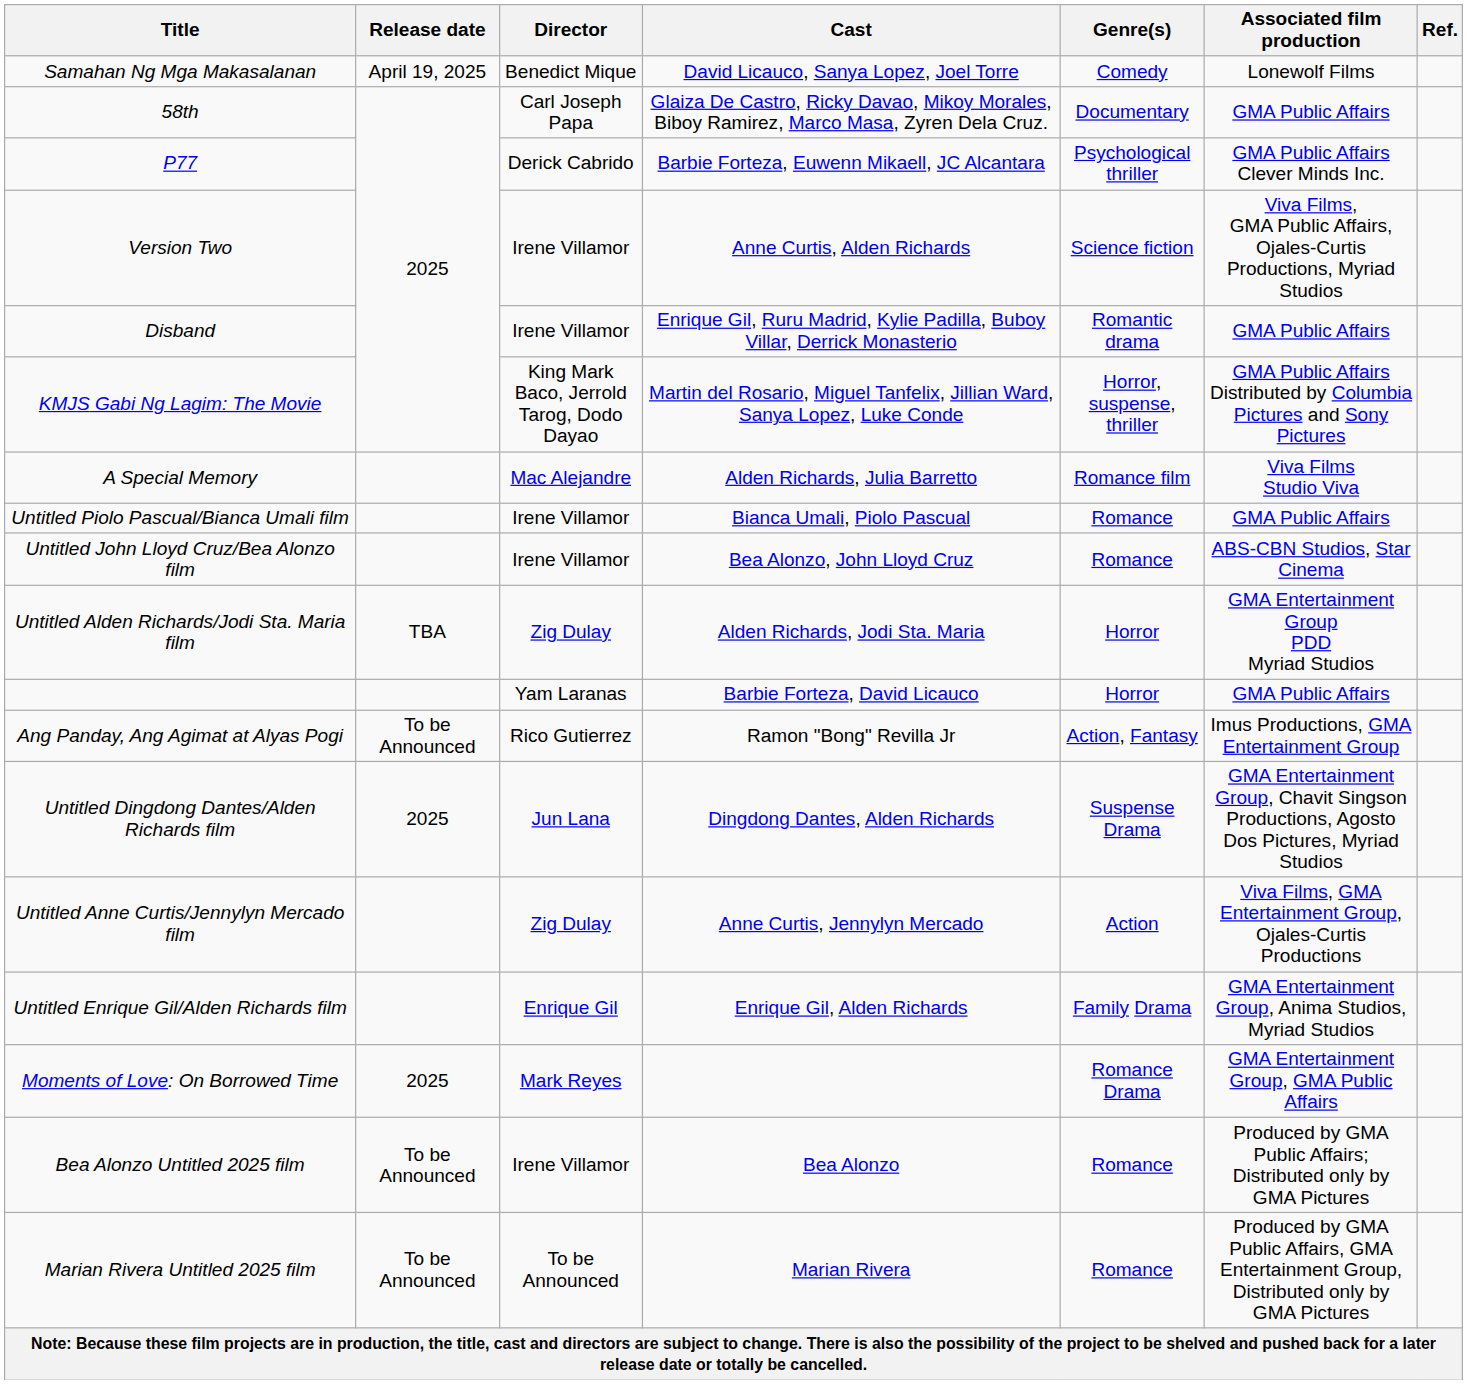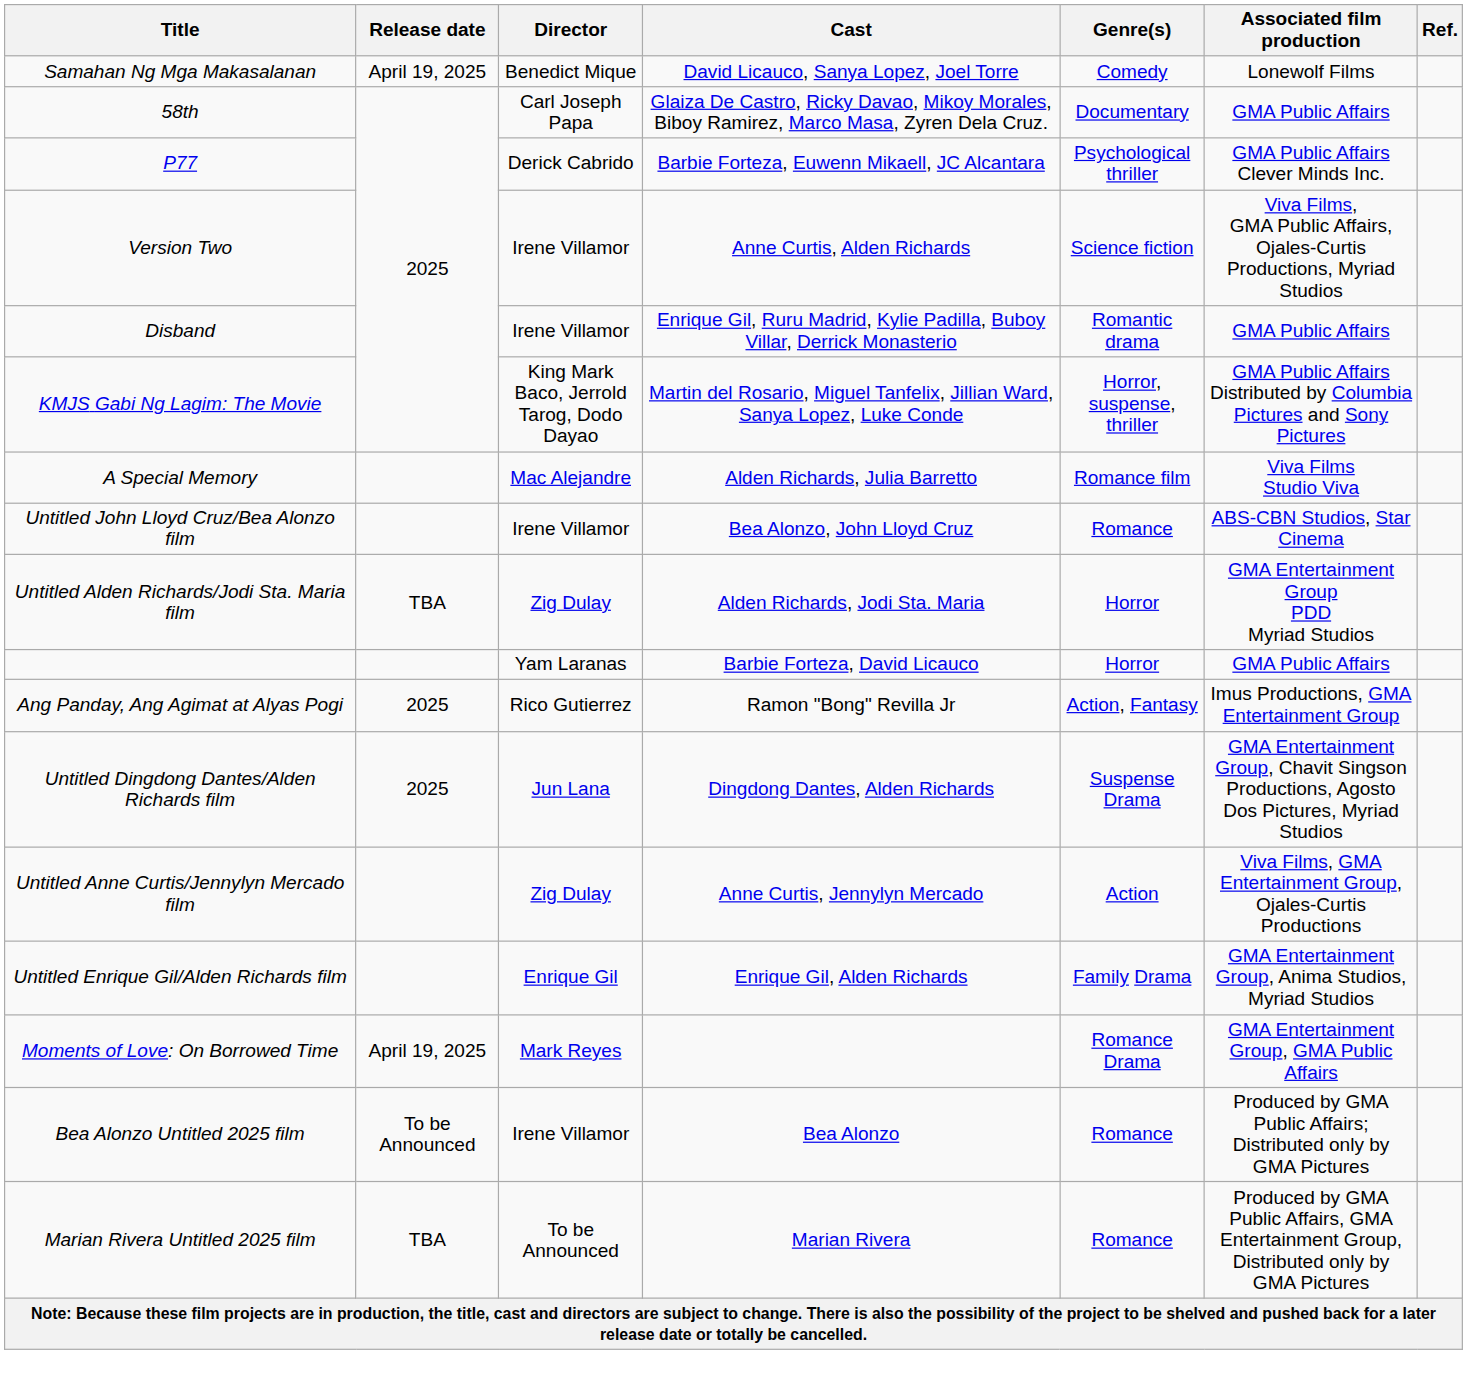 <table class="wikitable" "toccolours sortable" style="width:97%; text-align:center">
 <tr>
 <th style="width:25%;">Title</th>
 <th style="width:10%;">Release date</th>
 <th style="width:10%;">Director</th>
 <th style="width:30%;">Cast</th>
 <th style="width:10%;">Genre(s)</th>
 <th style="width:15%;">Associated film production</th>
 <th style="width:2%;">Ref.</th>
 </tr>
 <tr>
 <td><em>Samahan Ng Mga Makasalanan</em></td>
 <td>April 19, 2025</td>
 <td>Benedict Mique</td>
 <td><a href='#'>David Licauco</a>, <a href='#'>Sanya Lopez</a>, <a href='#'>Joel Torre</a></td>
 <td><a href='#'>Comedy</a></td>
 <td>Lonewolf Films</td>
 <td></td>
 </tr>
 <tr>
 <td><em>58th</em></td>
 <td rowspan="5">2025</td>
 <td>Carl Joseph Papa</td>
 <td><a href='#'>Glaiza De Castro</a>, <a href='#'>Ricky Davao</a>, <a href='#'>Mikoy Morales</a>, Biboy Ramirez, <a href='#'>Marco Masa</a>, Zyren Dela Cruz.</td>
 <td><a href='#'>Documentary</a></td>
 <td><a href='#'>GMA Public Affairs</a></td>
 <td></td>
 </tr>
 <tr>
 <td><em><a href='#'>P77</a></em></td>
 <td>Derick Cabrido</td>
 <td><a href='#'>Barbie Forteza</a>, <a href='#'>Euwenn Mikaell</a>, <a href='#'>JC Alcantara</a></td>
 <td><a href='#'>Psychological thriller</a></td>
 <td><a href='#'>GMA Public Affairs</a><br>Clever Minds Inc.</td>
 <td></td>
 </tr>
 <tr>
 <td><em>Version Two</em></td>
 <td>Irene Villamor</td>
 <td><a href='#'>Anne Curtis</a>, <a href='#'>Alden Richards</a></td>
 <td><a href='#'>Science fiction</a></td>
 <td><a href='#'>Viva Films</a>,<br>GMA Public Affairs, Ojales-Curtis Productions, Myriad Studios</td>
 <td></td>
 </tr>
 <tr>
 <td><em>Disband</em></td>
 <td>Irene Villamor</td>
 <td><a href='#'>Enrique Gil</a>, <a href='#'>Ruru Madrid</a>, <a href='#'>Kylie Padilla</a>, <a href='#'>Buboy Villar</a>, <a href='#'>Derrick Monasterio</a></td>
 <td><a href='#'>Romantic drama</a></td>
 <td><a href='#'>GMA Public Affairs</a></td>
 <td></td>
 </tr>
 <tr>
 <td><a href='#'><em>KMJS</em> <em>Gabi Ng Lagim: The Movie</em></a></td>
 <td>King Mark Baco, Jerrold Tarog, Dodo Dayao</td>
 <td><a href='#'>Martin del Rosario</a>, <a href='#'>Miguel Tanfelix</a>, <a href='#'>Jillian Ward</a>, <a href='#'>Sanya Lopez</a>, <a href='#'>Luke Conde</a></td>
 <td><a href='#'>Horror</a>, <a href='#'>suspense</a>, <a href='#'>thriller</a></td>
 <td><a href='#'>GMA Public Affairs</a><br>Distributed by <a href='#'>Columbia Pictures</a> and <a href='#'>Sony Pictures</a></td>
 <td></td>
 </tr>
 <tr>
 <td><em>A Special Memory</em></td>
 <td></td>
 <td><a href='#'>Mac Alejandre</a></td>
 <td><a href='#'>Alden Richards</a>, <a href='#'>Julia Barretto</a></td>
 <td><a href='#'>Romance film</a></td>
 <td><a href='#'>Viva Films</a><br><a href='#'>Studio Viva</a></td>
 <td></td>
 </tr>
 <tr>
-<td><em>Untitled Piolo Pascual/Bianca Umali film</em></td>
-<td></td>
-<td>Irene Villamor</td>
-<td><a href='#'>Bianca Umali</a>, <a href='#'>Piolo Pascual</a></td>
-<td><a href='#'>Romance</a></td>
-<td><a href='#'>GMA Public Affairs</a></td>
-<td></td>
-</tr>
-<tr>
 <td><em>Untitled John Lloyd Cruz/Bea Alonzo film</em></td>
 <td></td>
 <td>Irene Villamor</td>
 <td><a href='#'>Bea Alonzo</a>, <a href='#'>John Lloyd Cruz</a></td>
 <td><a href='#'>Romance</a></td>
 <td><a href='#'>ABS-CBN Studios</a>, <a href='#'>Star Cinema</a></td>
 <td></td>
 </tr>
 <tr>
 <td><em>Untitled Alden Richards/Jodi Sta. Maria film</em></td>
 <td>TBA</td>
 <td><a href='#'>Zig Dulay</a></td>
 <td><a href='#'>Alden Richards</a>, <a href='#'>Jodi Sta. Maria</a></td>
 <td><a href='#'>Horror</a></td>
 <td><a href='#'>GMA Entertainment Group</a><br><a href='#'>PDD</a><br>Myriad Studios</td>
 <td></td>
 </tr>
 <tr>
 <td></td>
 <td></td>
 <td>Yam Laranas</td>
 <td><a href='#'>Barbie Forteza</a>, <a href='#'>David Licauco</a></td>
 <td><a href='#'>Horror</a></td>
 <td><a href='#'>GMA Public Affairs</a></td>
 <td></td>
 </tr>
 <tr>
 <td><em>Ang Panday, Ang Agimat at Alyas Pogi</em></td>
-<td>To be Announced</td>
+<td>2025</td>
 <td>Rico Gutierrez</td>
 <td>Ramon "Bong" Revilla Jr</td>
 <td><a href='#'>Action</a>, <a href='#'>Fantasy</a></td>
 <td>Imus Productions, <a href='#'>GMA Entertainment Group</a></td>
 <td><br></td>
 </tr>
 <tr>
 <td><em>Untitled Dingdong Dantes/Alden Richards film</em></td>
 <td>2025</td>
 <td><a href='#'>Jun Lana</a></td>
 <td><a href='#'>Dingdong Dantes</a>, <a href='#'>Alden Richards</a></td>
 <td><a href='#'>Suspense</a> <a href='#'>Drama</a></td>
 <td><a href='#'>GMA Entertainment Group</a>, Chavit Singson Productions, Agosto Dos Pictures, Myriad Studios</td>
 <td></td>
 </tr>
 <tr>
 <td><em>Untitled Anne Curtis/Jennylyn Mercado film</em></td>
 <td></td>
 <td><a href='#'>Zig Dulay</a></td>
 <td><a href='#'>Anne Curtis</a>, <a href='#'>Jennylyn Mercado</a></td>
 <td><a href='#'>Action</a></td>
 <td><a href='#'>Viva Films</a>, <a href='#'>GMA Entertainment Group</a>, Ojales-Curtis Productions</td>
 <td></td>
 </tr>
 <tr>
 <td><em>Untitled Enrique Gil/Alden Richards film</em></td>
 <td></td>
 <td><a href='#'>Enrique Gil</a></td>
 <td><a href='#'>Enrique Gil</a>, <a href='#'>Alden Richards</a></td>
 <td><a href='#'>Family</a> <a href='#'>Drama</a></td>
 <td><a href='#'>GMA Entertainment Group</a>, Anima Studios, Myriad Studios</td>
 <td></td>
 </tr>
 <tr>
 <td><em><a href='#'>Moments of Love</a>: On Borrowed Time</em></td>
-<td>2025</td>
+<td>April 19, 2025</td>
 <td><a href='#'>Mark Reyes</a></td>
 <td></td>
 <td><a href='#'>Romance</a> <a href='#'>Drama</a></td>
 <td><a href='#'>GMA Entertainment Group</a>, <a href='#'>GMA Public Affairs</a></td>
 <td></td>
 </tr>
 <tr>
 <td><em>Bea Alonzo Untitled 2025 film</em></td>
 <td>To be Announced</td>
 <td>Irene Villamor</td>
 <td><a href='#'>Bea Alonzo</a></td>
 <td><a href='#'>Romance</a></td>
 <td>Produced by GMA Public Affairs; Distributed only by GMA Pictures</td>
 <td></td>
 </tr>
 <tr>
 <td><em>Marian Rivera Untitled 2025 film</em></td>
-<td>To be Announced</td>
+<td>TBA</td>
 <td>To be Announced</td>
 <td><a href='#'>Marian Rivera</a></td>
 <td><a href='#'>Romance</a></td>
 <td>Produced by GMA Public Affairs, GMA Entertainment Group,  Distributed only by GMA Pictures</td>
 <td></td>
 </tr>
 <tr>
 <th colspan="7" style="text-align: center;"><small>Note: Because these film projects are in production, the title, cast and directors are subject to change. There is also the possibility of the project to be shelved and pushed back for a later release date or totally be cancelled.</small></th>
 </tr>
 </table>
